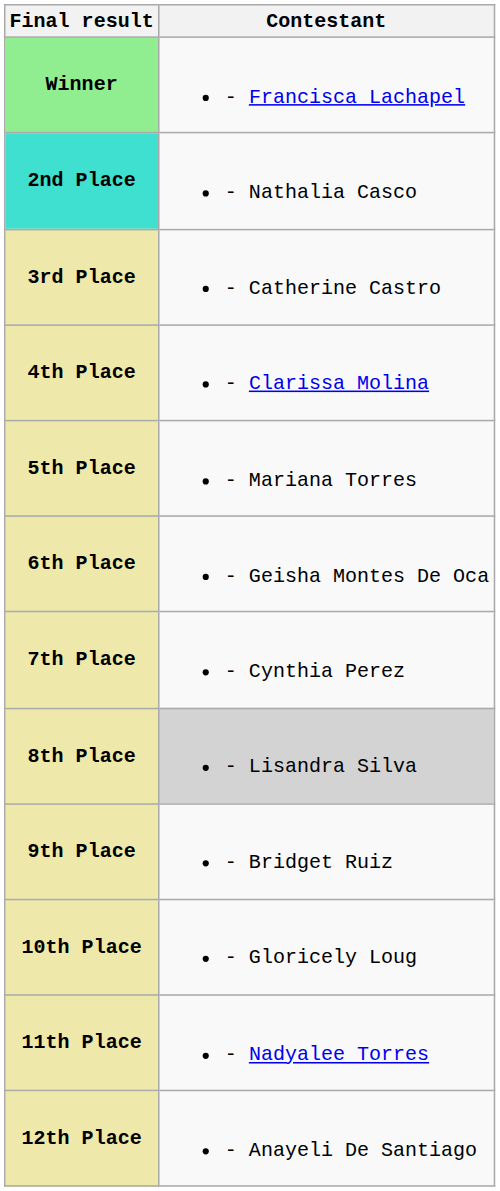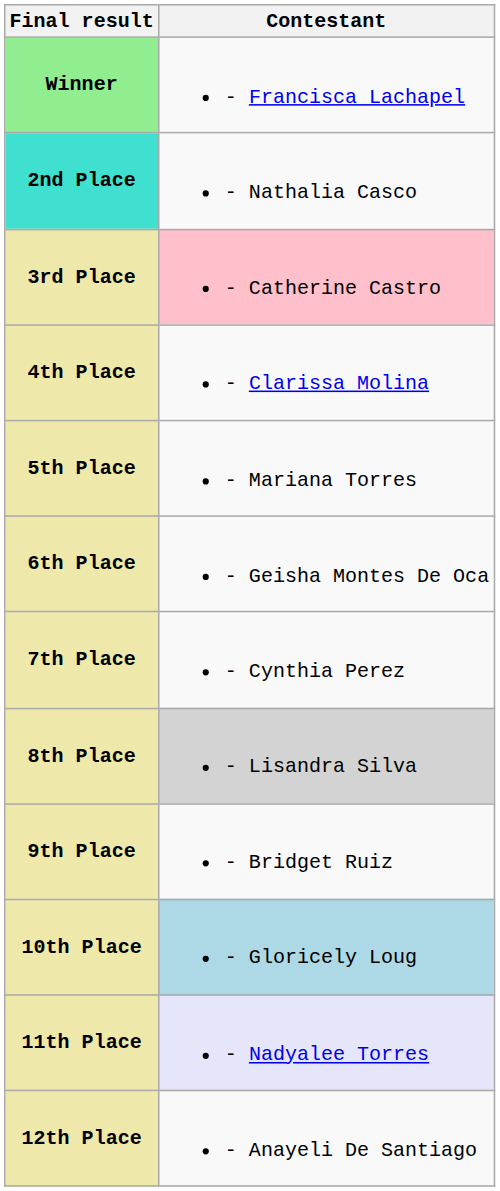 <table class="wikitable">
 <tr>
 <th>Final result</th>
 <th>Contestant</th>
 </tr>
 <tr>
 <td style="text-align:center; background:lightgreen;"><strong>Winner </strong></td>
 <td><br><ul><li><strong></strong> - <a href='#'>Francisca Lachapel</a></li></ul></td>
 </tr>
 <tr>
 <td style="text-align:center; background:turquoise;"><strong>2nd Place</strong></td>
 <td><br><ul><li><strong></strong> - Nathalia Casco</li></ul></td>
 </tr>
 <tr>
 <td style="text-align:center; background:palegoldenrod;"><strong>3rd Place</strong></td>
-<td><br><ul><li><strong></strong> - Catherine Castro</li></ul></td>
+<td style="background: pink;"><br><ul><li><strong></strong> - Catherine Castro</li></ul></td>
 </tr>
 <tr>
 <td style="text-align:center; background:palegoldenrod;"><strong>4th Place</strong></td>
 <td><br><ul><li><strong></strong> - <a href='#'>Clarissa Molina</a></li></ul></td>
 </tr>
 <tr>
 <td style="text-align:center; background:palegoldenrod;"><strong>5th Place</strong></td>
 <td><br><ul><li><strong></strong> - Mariana Torres</li></ul></td>
 </tr>
 <tr>
 <td style="text-align:center; background:palegoldenrod;"><strong>6th Place</strong></td>
 <td><br><ul><li><strong></strong> - Geisha Montes De Oca</li></ul></td>
 </tr>
 <tr>
 <td style="text-align:center; background:palegoldenrod;"><strong>7th Place</strong></td>
 <td><br><ul><li><strong></strong> - Cynthia Perez</li></ul></td>
 </tr>
 <tr>
 <td style="text-align:center; background:palegoldenrod;"><strong>8th Place</strong></td>
 <td style="background: lightgrey;"><br><ul><li><strong></strong> - Lisandra Silva</li></ul></td>
 </tr>
 <tr>
 <td style="text-align:center; background:palegoldenrod;"><strong>9th Place</strong></td>
 <td><br><ul><li><strong></strong> - Bridget Ruiz</li></ul></td>
 </tr>
 <tr>
 <td style="text-align:center; background:palegoldenrod;"><strong>10th Place</strong></td>
-<td><br><ul><li><strong></strong> - Gloricely Loug</li></ul></td>
+<td style="background: lightblue;"><br><ul><li><strong></strong> - Gloricely Loug</li></ul></td>
 </tr>
 <tr>
 <td style="text-align:center; background:palegoldenrod;"><strong>11th Place</strong></td>
-<td><br><ul><li><strong></strong> - <a href='#'>Nadyalee Torres</a></li></ul></td>
+<td style="background: lavender;"><br><ul><li><strong></strong> - <a href='#'>Nadyalee Torres</a></li></ul></td>
 </tr>
 <tr>
 <td style="text-align:center; background:palegoldenrod;"><strong>12th Place</strong></td>
 <td><br><ul><li><strong></strong> - Anayeli De Santiago</li></ul></td>
 </tr>
 </table>
